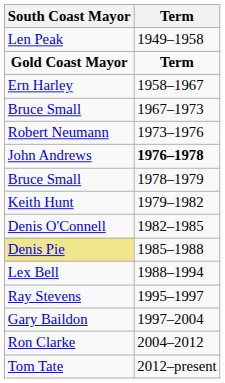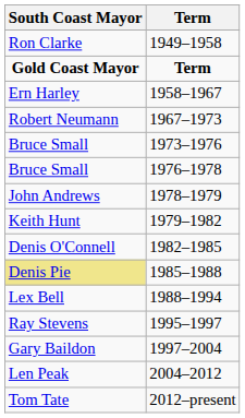 <table class="wikitable">
 <tr>
 <th>South Coast Mayor</th>
 <th>Term</th>
 </tr>
 <tr>
-<td><a href='#'>Len Peak</a></td>
+<td><a href='#'>Ron Clarke</a></td>
 <td>1949–1958</td>
 </tr>
 <tr>
 <td style="text-align: center;"><strong>Gold Coast Mayor</strong></td>
 <td style="text-align: center;"><strong>Term</strong></td>
 </tr>
 <tr>
 <td><a href='#'>Ern Harley</a></td>
 <td>1958–1967</td>
 </tr>
 <tr>
-<td><a href='#'>Bruce Small</a></td>
+<td><a href='#'>Robert Neumann</a></td>
 <td>1967–1973</td>
 </tr>
 <tr>
-<td><a href='#'>Robert Neumann</a></td>
+<td><a href='#'>Bruce Small</a></td>
 <td>1973–1976</td>
 </tr>
 <tr>
-<td><a href='#'>John Andrews</a></td>
-<td><strong>1976–1978</strong></td>
+<td><a href='#'>Bruce Small</a></td>
+<td>1976–1978</td>
 </tr>
 <tr>
-<td><a href='#'>Bruce Small</a></td>
+<td><a href='#'>John Andrews</a></td>
 <td>1978–1979</td>
 </tr>
 <tr>
 <td><a href='#'>Keith Hunt</a></td>
 <td>1979–1982</td>
 </tr>
 <tr>
 <td><a href='#'>Denis O'Connell</a></td>
 <td>1982–1985</td>
 </tr>
 <tr>
 <td style="background: khaki;"><a href='#'>Denis Pie</a></td>
 <td>1985–1988</td>
 </tr>
 <tr>
 <td><a href='#'>Lex Bell</a></td>
 <td>1988–1994</td>
 </tr>
 <tr>
 <td><a href='#'>Ray Stevens</a></td>
 <td>1995–1997</td>
 </tr>
 <tr>
 <td><a href='#'>Gary Baildon</a></td>
 <td>1997–2004</td>
 </tr>
 <tr>
-<td><a href='#'>Ron Clarke</a></td>
+<td><a href='#'>Len Peak</a></td>
 <td>2004–2012</td>
 </tr>
 <tr>
 <td><a href='#'>Tom Tate</a></td>
 <td>2012–present</td>
 </tr>
 </table>
